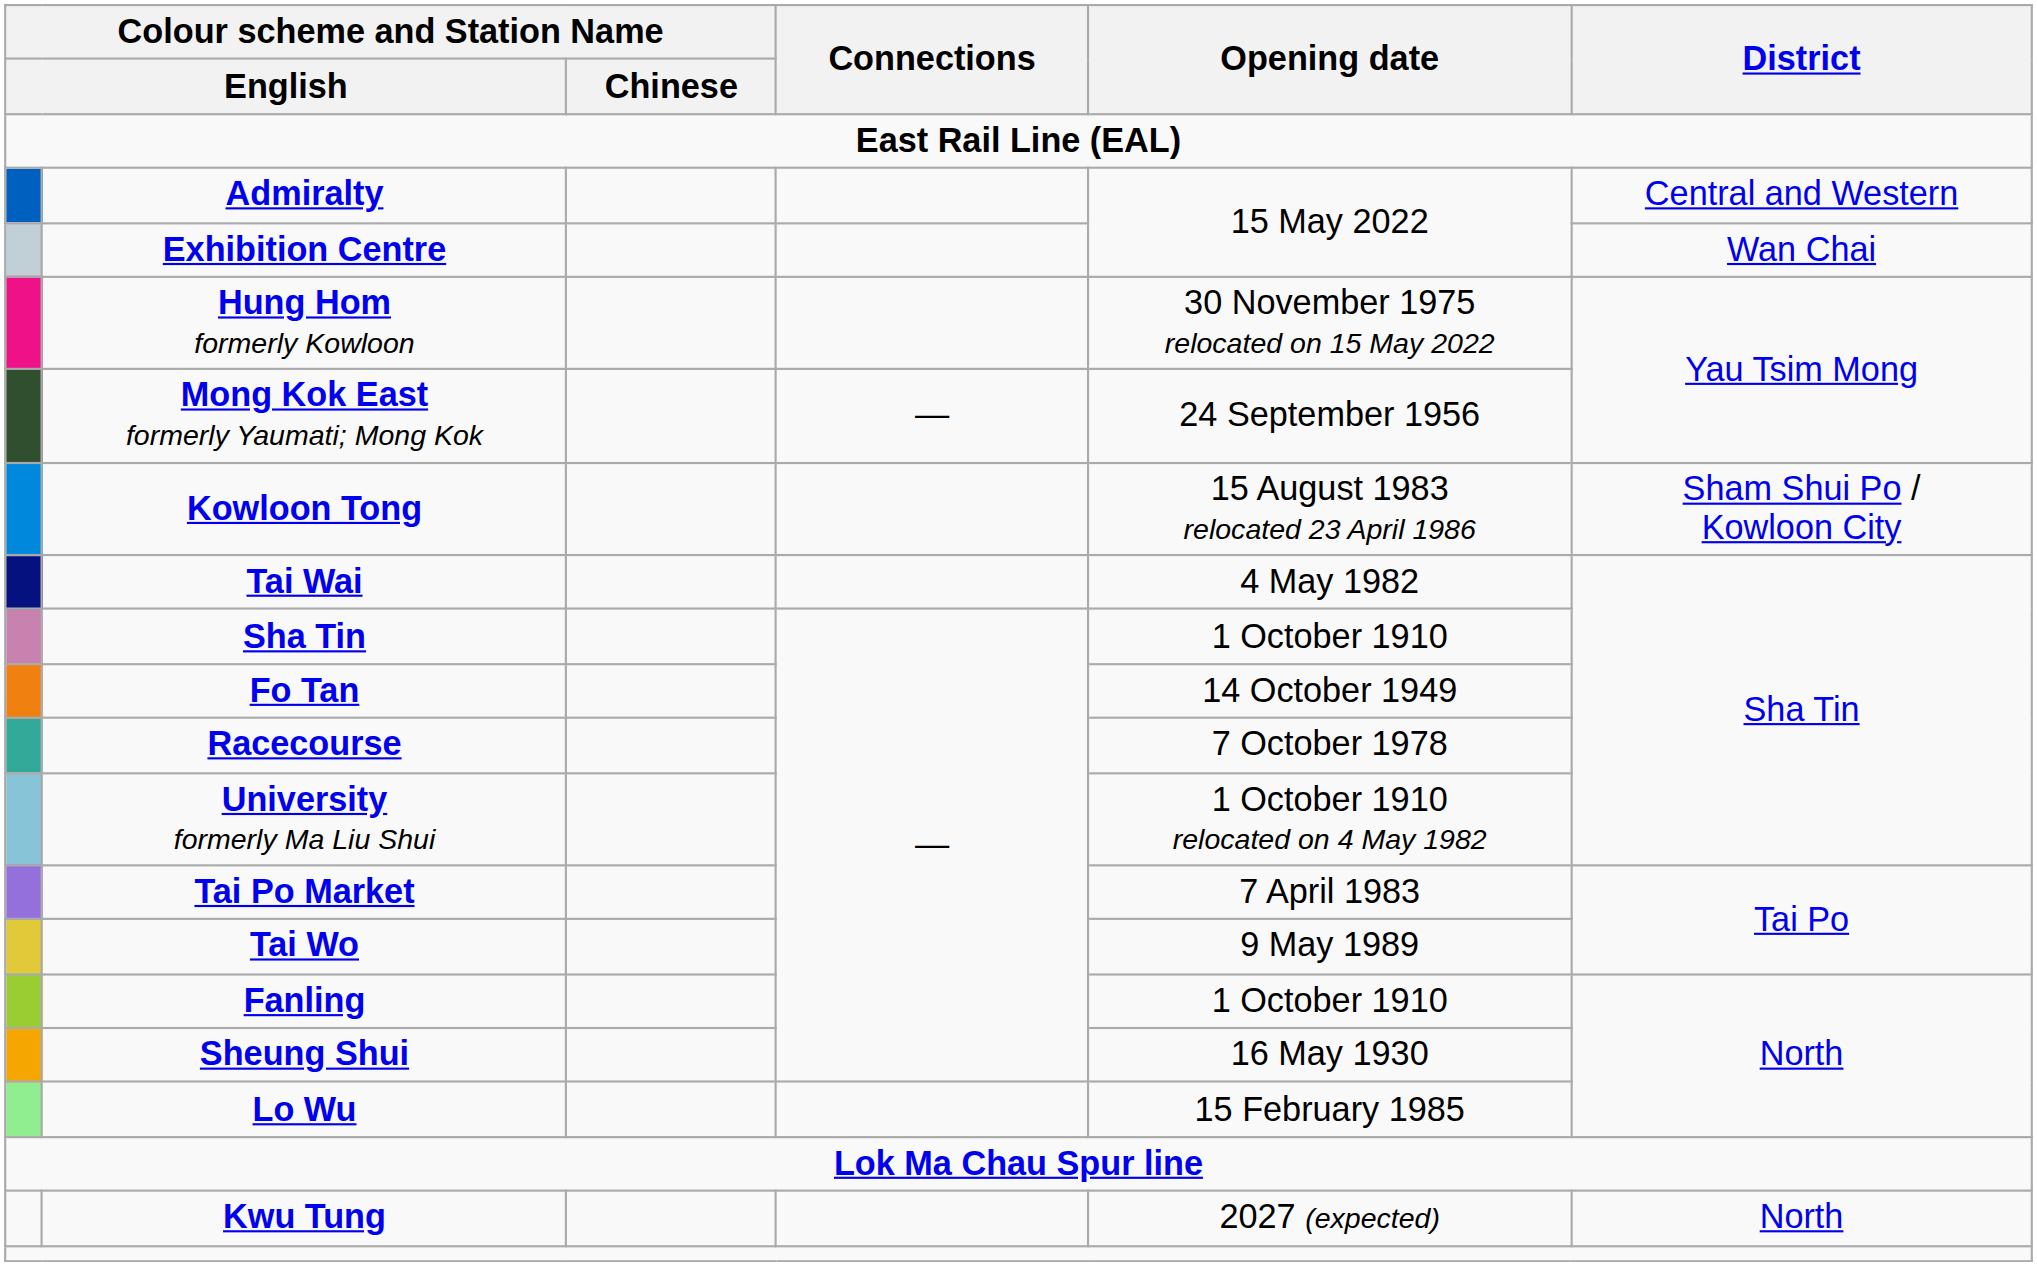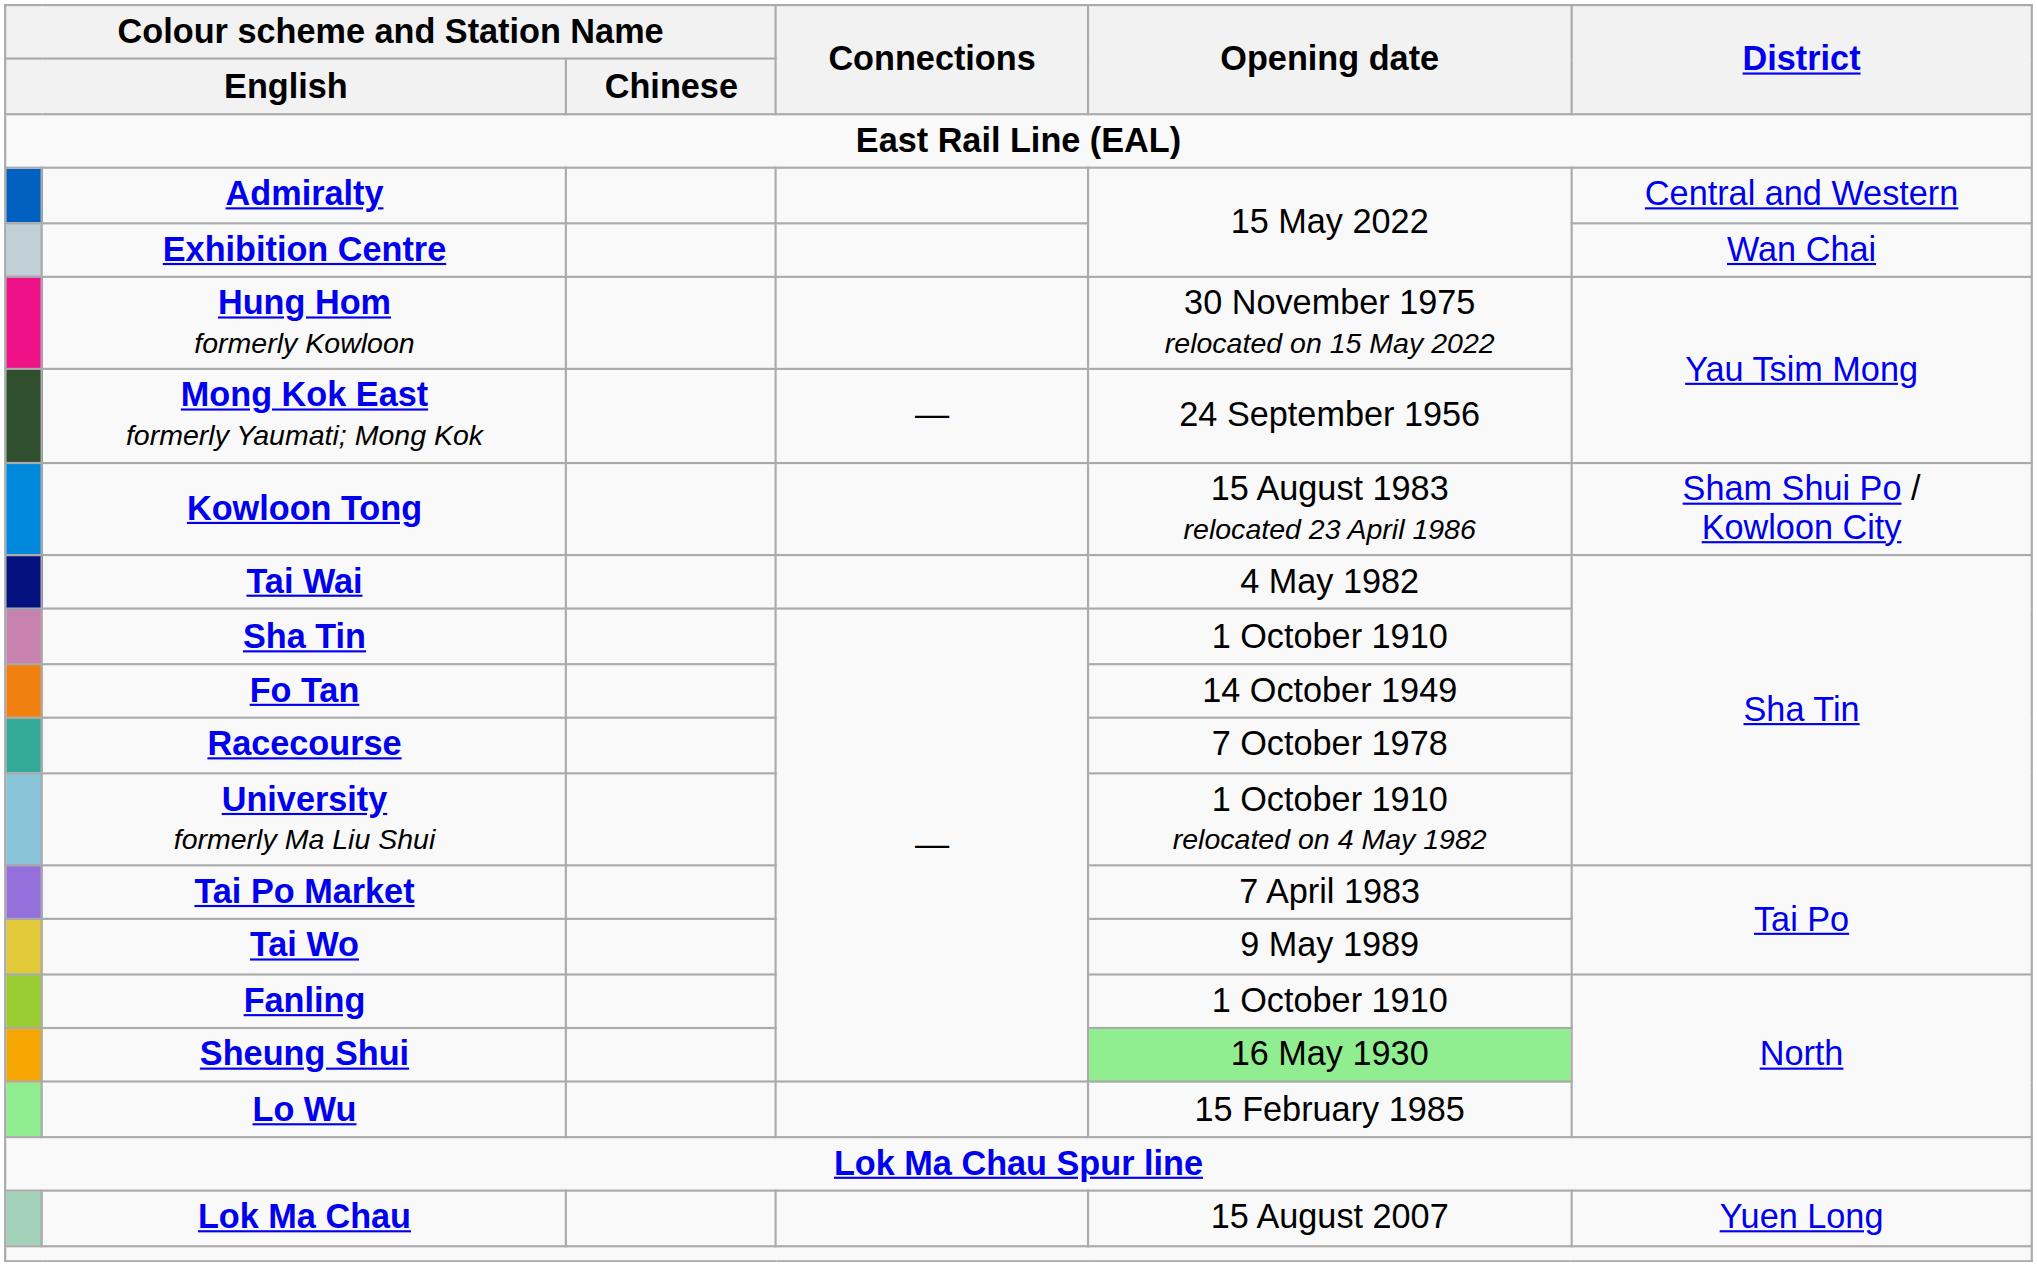 <table class="wikitable" style="width: 75%; margin: 0.5em auto; text-align: center;">
 <tr>
 <th colspan="3">Colour scheme and Station Name</th>
 <th rowspan="2">Connections</th>
 <th rowspan="2">Opening date</th>
 <th rowspan="2"><a href='#'>District</a></th>
 </tr>
 <tr>
 <th colspan="2">English</th>
 <th>Chinese</th>
 </tr>
 <tr>
 <td colspan="6" style="text-align:center;"><strong><span>East Rail Line (EAL)</span></strong></td>
 </tr>
 <tr>
 <td style="background: #0060C0; width: 10px"></td>
 <td><strong><a href='#'>Admiralty</a></strong></td>
 <td></td>
 <td></td>
 <td rowspan="2">15 May 2022</td>
 <td><a href='#'>Central and Western</a></td>
 </tr>
 <tr>
 <td style="background: #c1cfd6;"></td>
 <td><strong><a href='#'>Exhibition Centre</a></strong></td>
 <td></td>
 <td></td>
 <td><a href='#'>Wan Chai</a></td>
 </tr>
 <tr>
 <td style="background-color:#EF1188; width: 10px"></td>
 <td><strong><a href='#'>Hung Hom</a></strong><small><br><em>formerly Kowloon</em></small></td>
 <td></td>
 <td></td>
 <td>30 November 1975<small><br><em>relocated on 15 May 2022</em></small></td>
 <td rowspan="2"><a href='#'>Yau Tsim Mong</a></td>
 </tr>
 <tr>
 <td style="background-color:#2F4F2F;"></td>
 <td><strong><a href='#'>Mong Kok East</a></strong><small><br><em>formerly Yaumati; Mong Kok</em></small></td>
 <td></td>
 <td text-align="center">—</td>
 <td>24 September 1956</td>
 </tr>
 <tr>
 <td style="background-color:#0088DD;"></td>
 <td><strong><a href='#'>Kowloon Tong</a></strong></td>
 <td></td>
 <td></td>
 <td>15 August 1983<small><br><em>relocated 23 April 1986</em></small></td>
 <td><a href='#'>Sham Shui Po</a> /<br><a href='#'>Kowloon City</a></td>
 </tr>
 <tr>
 <td style="background-color:#05117E;"></td>
 <td><strong><a href='#'>Tai Wai</a></strong></td>
 <td></td>
 <td></td>
 <td>4 May 1982</td>
 <td rowspan="5"><a href='#'>Sha Tin</a></td>
 </tr>
 <tr>
 <td style="background-color:#C882B0;"></td>
 <td><strong><a href='#'>Sha Tin</a></strong></td>
 <td></td>
 <td rowspan="8"; text-align="center">—</td>
 <td>1 October 1910</td>
 </tr>
 <tr>
 <td style="background-color:#F08010;"></td>
 <td><strong><a href='#'>Fo Tan</a></strong></td>
 <td></td>
 <td>14 October 1949</td>
 </tr>
 <tr>
 <td style="background-color:#33AA99;"></td>
 <td><strong><a href='#'>Racecourse</a></strong></td>
 <td></td>
 <td>7 October 1978</td>
 </tr>
 <tr>
 <td style="background-color:#88C4D8;"></td>
 <td><strong><a href='#'>University</a></strong><small><br><em>formerly Ma Liu Shui</em><br></small></td>
 <td></td>
 <td>1 October 1910<small><br><em>relocated on 4 May 1982</em></small></td>
 </tr>
 <tr>
 <td style="background-color:#9370DB;"></td>
 <td><strong><a href='#'>Tai Po Market</a></strong></td>
 <td></td>
 <td>7 April 1983</td>
 <td rowspan="2"><a href='#'>Tai Po</a></td>
 </tr>
 <tr>
 <td style="background-color:#E2C93A;"></td>
 <td><strong><a href='#'>Tai Wo</a></strong></td>
 <td></td>
 <td>9 May 1989</td>
 </tr>
 <tr>
 <td style="background-color:#9ACD32;"></td>
 <td><strong><a href='#'>Fanling</a></strong></td>
 <td></td>
 <td>1 October 1910</td>
 <td rowspan="3"><a href='#'>North</a></td>
 </tr>
 <tr>
 <td style="background-color:#F6A600;"></td>
 <td><strong><a href='#'>Sheung Shui</a></strong></td>
 <td></td>
-<td>16 May 1930</td>
+<td style="background: lightgreen;">16 May 1930</td>
 </tr>
 <tr>
 <td style="background-color:#90EE90;"></td>
 <td><strong><a href='#'>Lo Wu</a></strong></td>
 <td></td>
 <td></td>
 <td>15 February 1985</td>
 </tr>
 <tr>
 <td colspan="6" style="text-align:center;"><strong><a href='#'><span>Lok Ma Chau Spur line</span></a></strong></td>
 </tr>
 <tr>
-<td></td>
-<td><strong><a href='#'>Kwu Tung</a></strong></td>
+<td style="background-color:#A2D0B9;"></td>
+<td><strong><a href='#'>Lok Ma Chau</a></strong></td>
 <td></td>
 <td></td>
-<td>2027 <small><em>(expected)</em></small></td>
-<td><a href='#'>North</a></td>
+<td>15 August 2007</td>
+<td><a href='#'>Yuen Long</a></td>
 </tr>
 <tr>
 <td colspan="6"></td>
 </tr>
 </table>
